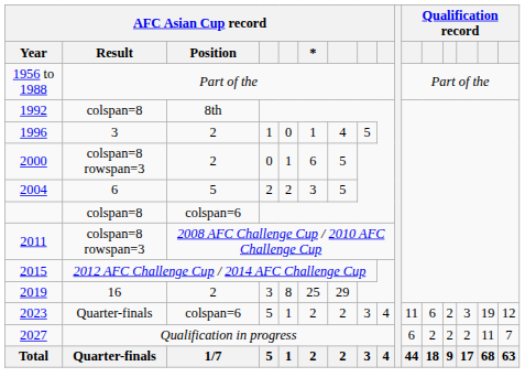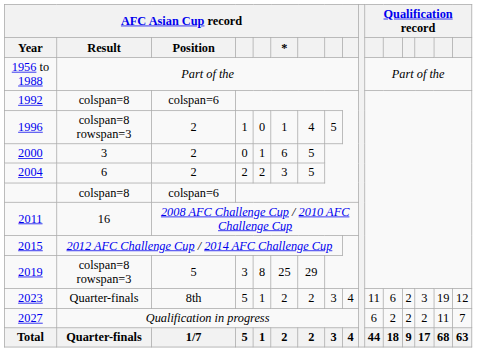 <table class="wikitable" style="text-align: center;">
 <tr>
 <th colspan=9><a href='#'>AFC Asian Cup</a> record</th>
 <th style="width:1%;" rowspan=14></th>
 <th colspan=6><a href='#'>Qualification</a> record</th>
 </tr>
 <tr>
 <th>Year</th>
 <th>Result</th>
 <th>Position</th>
 <th></th>
 <th></th>
 <th>*</th>
 <th></th>
 <th></th>
 <th></th>
 <th></th>
 <th></th>
 <th></th>
 <th></th>
 <th></th>
 <th></th>
 </tr>
 <tr>
 <td> <a href='#'>1956</a> to  <a href='#'>1988</a></td>
 <td colspan=8><em>Part of the </em></td>
 <td colspan=6><em>Part of the </em></td>
 </tr>
 <tr>
 <td> <a href='#'>1992</a></td>
 <td>colspan=8 </td>
-<td>8th</td>
+<td>colspan=6 </td>
 </tr>
 <tr>
 <td> <a href='#'>1996</a></td>
-<td>3</td>
+<td>colspan=8 rowspan=3 </td>
 <td>2</td>
 <td>1</td>
 <td>0</td>
 <td>1</td>
 <td>4</td>
 <td>5</td>
 </tr>
 <tr>
 <td> <a href='#'>2000</a></td>
-<td>colspan=8 rowspan=3 </td>
+<td>3</td>
 <td>2</td>
 <td>0</td>
 <td>1</td>
 <td>6</td>
 <td>5</td>
 </tr>
 <tr>
 <td> <a href='#'>2004</a></td>
 <td>6</td>
-<td>5</td>
+<td>2</td>
 <td>2</td>
 <td>2</td>
 <td>3</td>
 <td>5</td>
 </tr>
 <tr>
 <td></td>
 <td>colspan=8 </td>
 <td>colspan=6 </td>
 </tr>
 <tr>
 <td> <a href='#'>2011</a></td>
-<td>colspan=8 rowspan=3 </td>
+<td>16</td>
 <td colspan=7><em><a href='#'>2008 AFC Challenge Cup</a> / <a href='#'>2010 AFC Challenge Cup</a></em></td>
 </tr>
 <tr>
 <td> <a href='#'>2015</a></td>
 <td colspan=7><em><a href='#'>2012 AFC Challenge Cup</a> / <a href='#'>2014 AFC Challenge Cup</a></em></td>
 </tr>
 <tr>
 <td> <a href='#'>2019</a></td>
-<td>16</td>
-<td>2</td>
+<td>colspan=8 rowspan=3 </td>
+<td>5</td>
 <td>3</td>
 <td>8</td>
 <td>25</td>
 <td>29</td>
 </tr>
 <tr>
 <td> <a href='#'>2023</a></td>
 <td>Quarter-finals</td>
-<td>colspan=6 </td>
+<td>8th</td>
 <td>5</td>
 <td>1</td>
 <td>2</td>
 <td>2</td>
 <td>3</td>
 <td>4</td>
 <td>11</td>
 <td>6</td>
 <td>2</td>
 <td>3</td>
 <td>19</td>
 <td>12</td>
 </tr>
 <tr>
 <td> <a href='#'>2027</a></td>
 <td colspan="8"><em>Qualification in progress</em></td>
 <td>6</td>
 <td>2</td>
 <td>2</td>
 <td>2</td>
 <td>11</td>
 <td>7</td>
 </tr>
 <tr>
 <th>Total</th>
 <th>Quarter-finals</th>
 <th>1/7</th>
 <th>5</th>
 <th>1</th>
 <th>2</th>
 <th>2</th>
 <th>3</th>
 <th>4</th>
 <th>44</th>
 <th>18</th>
 <th>9</th>
 <th>17</th>
 <th>68</th>
 <th>63</th>
 </tr>
 </table>
